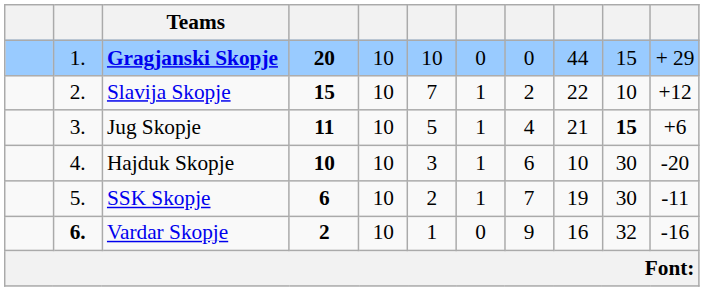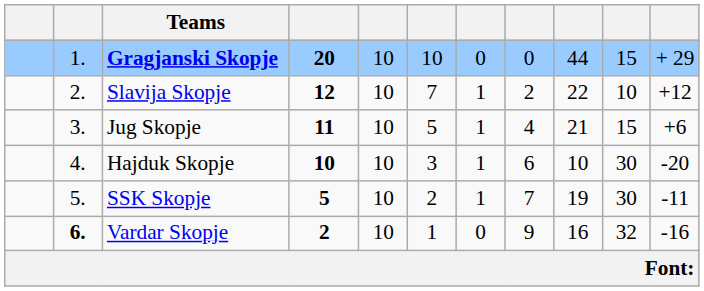 <table class="wikitable sortable" style="text-align: center; font-size: 90%;">
 <tr>
 <th width=7%></th>
 <th width=7%></th>
 <th width=27%>Teams</th>
 <th width=10%></th>
 <th width=7%></th>
 <th width=7%></th>
 <th width=7%></th>
 <th width=7%></th>
 <th width=7%></th>
 <th width=7%></th>
 <th width=7%></th>
 </tr>
 <tr style=background:#99CBFF;>
 <td></td>
 <td>1.</td>
 <td style="text-align:left;"><strong><a href='#'>Gragjanski Skopje</a></strong></td>
 <td><strong>20</strong></td>
 <td>10</td>
 <td>10</td>
 <td>0</td>
 <td>0</td>
 <td>44</td>
 <td>15</td>
 <td>+ 29</td>
 </tr>
 <tr>
 <td></td>
 <td>2.</td>
 <td style="text-align:left;"><a href='#'> Slavija Skopje</a></td>
-<td><strong>15</strong></td>
+<td><strong>12</strong></td>
 <td>10</td>
 <td>7</td>
 <td>1</td>
 <td>2</td>
 <td>22</td>
 <td>10</td>
 <td>+12</td>
 </tr>
 <tr>
 <td></td>
 <td>3.</td>
 <td style="text-align:left;">Jug Skopje</td>
 <td><strong>11</strong></td>
 <td>10</td>
 <td>5</td>
 <td>1</td>
 <td>4</td>
 <td>21</td>
-<td><strong>15</strong></td>
+<td>15</td>
 <td>+6</td>
 </tr>
 <tr>
 <td></td>
 <td>4.</td>
 <td style="text-align:left;">Hajduk Skopje</td>
 <td><strong>10</strong></td>
 <td>10</td>
 <td>3</td>
 <td>1</td>
 <td>6</td>
 <td>10</td>
 <td>30</td>
 <td>-20</td>
 </tr>
 <tr>
 <td></td>
 <td>5.</td>
 <td style="text-align:left;"><a href='#'> SSK Skopje</a></td>
-<td><strong>6</strong></td>
+<td><strong>5</strong></td>
 <td>10</td>
 <td>2</td>
 <td>1</td>
 <td>7</td>
 <td>19</td>
 <td>30</td>
 <td>-11</td>
 </tr>
 <tr>
 <td></td>
 <td><strong>6.</strong></td>
 <td style="text-align:left;"><a href='#'> Vardar Skopje</a></td>
 <td><strong>2</strong></td>
 <td>10</td>
 <td>1</td>
 <td>0</td>
 <td>9</td>
 <td>16</td>
 <td>32</td>
 <td>-16</td>
 </tr>
 <tr>
 <th colspan="11" style="text-align: right;">Font: </th>
 </tr>
 </table>
